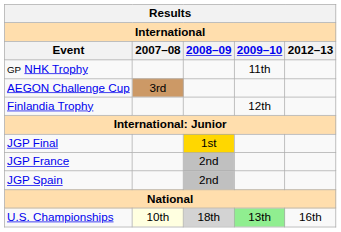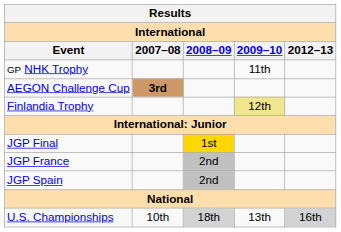 <table class="wikitable" style="text-align:center">
 <tr>
 <th colspan="5" style="text-align:center;"><strong>Results</strong></th>
 </tr>
 <tr>
 <th colspan="5" style="background:#ffdead; text-align:center;"><strong>International</strong></th>
 </tr>
 <tr>
 <th>Event</th>
 <th>2007–08</th>
 <th><a href='#'>2008–09</a></th>
 <th><a href='#'>2009–10</a></th>
 <th>2012–13</th>
 </tr>
 <tr>
 <td align=left><small>GP</small> <a href='#'>NHK Trophy</a></td>
 <td></td>
 <td></td>
 <td>11th</td>
 <td></td>
 </tr>
 <tr>
 <td><a href='#'>AEGON Challenge Cup</a></td>
-<td bgcolor="#c96">3rd</td>
+<td bgcolor="#c96"><strong>3rd</strong></td>
 <td></td>
 <td></td>
 <td></td>
 </tr>
 <tr>
 <td align=left><a href='#'>Finlandia Trophy</a></td>
 <td></td>
 <td></td>
-<td>12th</td>
+<td style="background: khaki;">12th</td>
 <td></td>
 </tr>
 <tr>
 <th colspan="5" style="background:#ffdead; text-align:center;"><strong>International: Junior</strong></th>
 </tr>
 <tr>
 <td align=left><a href='#'>JGP Final</a></td>
 <td></td>
 <td style="background:gold;">1st</td>
 <td></td>
 <td></td>
 </tr>
 <tr>
 <td align=left><a href='#'>JGP France</a></td>
 <td></td>
 <td style="background:silver;">2nd</td>
 <td></td>
 <td></td>
 </tr>
 <tr>
 <td align=left><a href='#'>JGP Spain</a></td>
 <td></td>
 <td style="background:silver;">2nd</td>
 <td></td>
 <td></td>
 </tr>
 <tr>
 <th colspan="5" style="background:#ffdead; text-align:center;"><strong>National</strong></th>
 </tr>
 <tr>
 <td align=left><a href='#'>U.S. Championships</a></td>
-<td style="background: lightyellow;">10th</td>
+<td>10th</td>
 <td style="background: lightgrey;">18th</td>
-<td style="background: lightgreen;">13th</td>
-<td>16th</td>
+<td>13th</td>
+<td style="background: lightgrey;">16th</td>
 </tr>
 </table>
